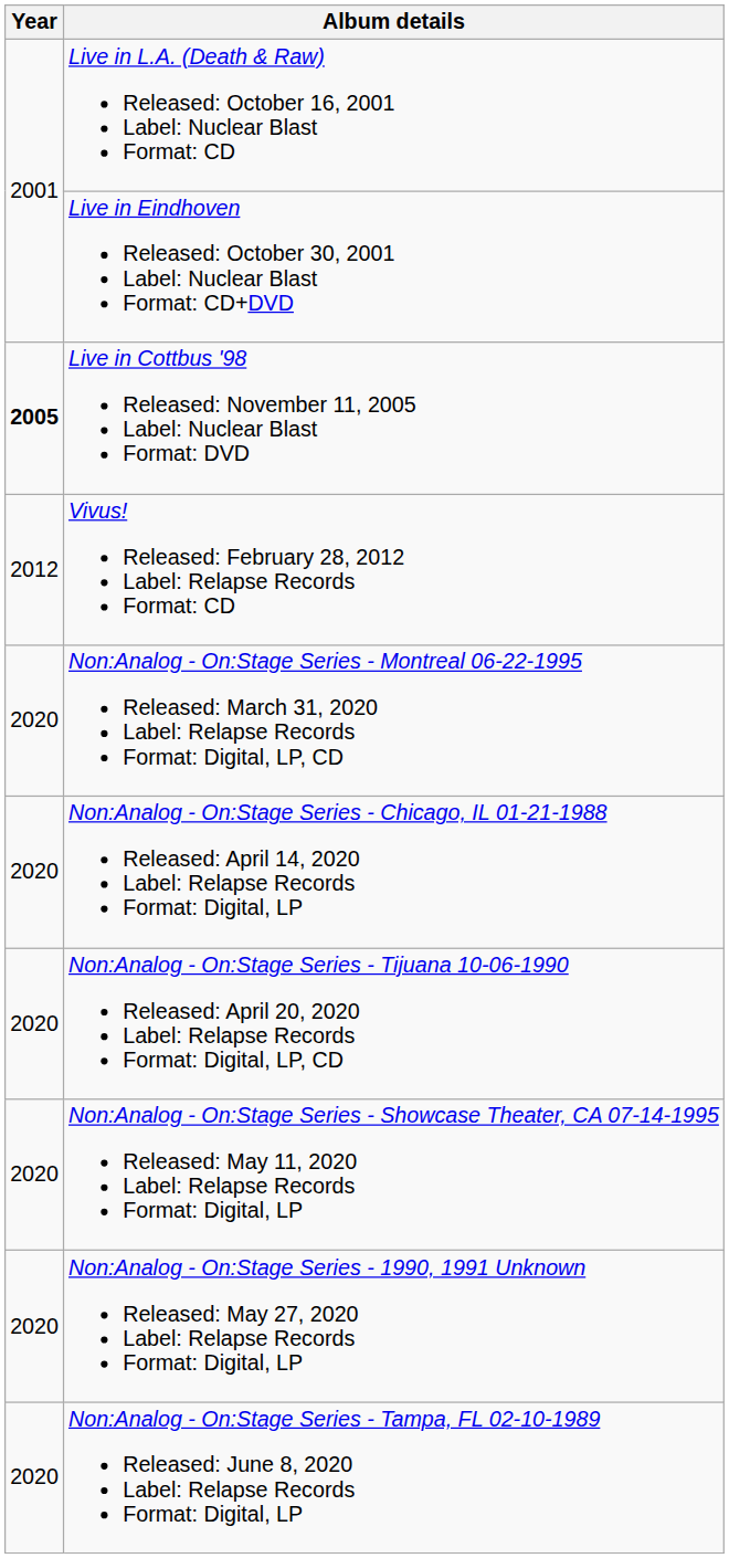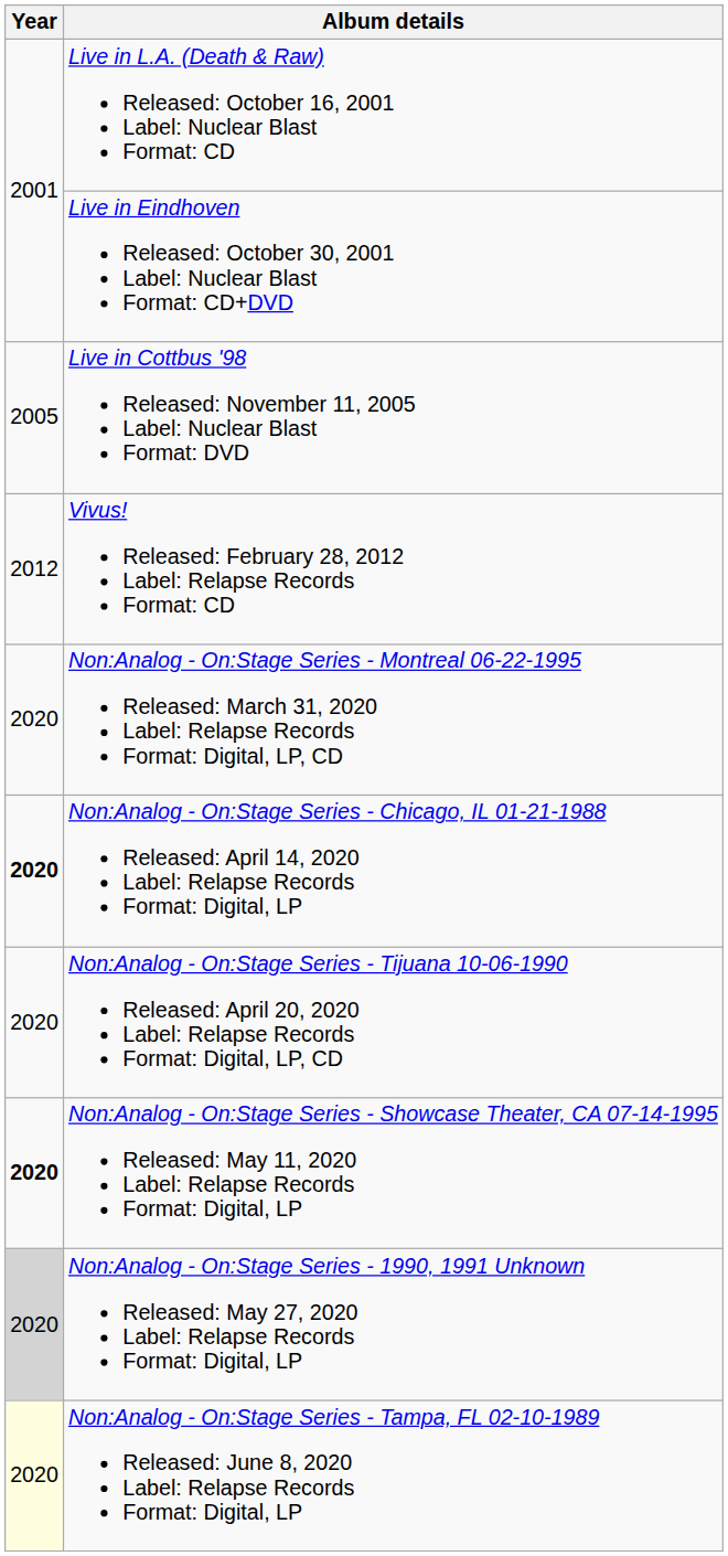 <table class="wikitable">
 <tr>
 <th>Year</th>
 <th>Album details</th>
 </tr>
 <tr>
 <td align="center" rowspan="2">2001</td>
 <td style="text-align:left;"><em><a href='#'>Live in L.A. (Death & Raw)</a></em><br><ul><li>Released: October 16, 2001</li><li>Label: Nuclear Blast</li><li>Format: CD</li></ul></td>
 </tr>
 <tr>
 <td style="text-align:left;"><em><a href='#'>Live in Eindhoven</a></em><br><ul><li>Released: October 30, 2001</li><li>Label: Nuclear Blast</li><li>Format: CD+<a href='#'>DVD</a></li></ul></td>
 </tr>
 <tr>
-<td style="text-align:center;"><strong>2005</strong></td>
+<td style="text-align:center;">2005</td>
 <td style="text-align:left;"><em><a href='#'>Live in Cottbus '98</a></em><br><ul><li>Released: November 11, 2005</li><li>Label: Nuclear Blast</li><li>Format: DVD</li></ul></td>
 </tr>
 <tr>
 <td style="text-align:center;">2012</td>
 <td style="text-align:left;"><em><a href='#'>Vivus!</a></em><br><ul><li>Released: February 28, 2012</li><li>Label: Relapse Records</li><li>Format: CD</li></ul></td>
 </tr>
 <tr>
 <td style="text-align:center;">2020</td>
 <td style="text-align:left;"><em><a href='#'>Non:Analog - On:Stage Series - Montreal 06-22-1995</a></em><br><ul><li>Released: March 31, 2020</li><li>Label: Relapse Records</li><li>Format: Digital, LP, CD</li></ul></td>
 </tr>
 <tr>
-<td style="text-align:center;">2020</td>
+<td style="text-align:center;"><strong>2020</strong></td>
 <td style="text-align:left;"><em><a href='#'>Non:Analog - On:Stage Series - Chicago, IL 01-21-1988</a></em><br><ul><li>Released: April 14, 2020</li><li>Label: Relapse Records</li><li>Format: Digital, LP</li></ul></td>
 </tr>
 <tr>
 <td style="text-align:center;">2020</td>
 <td style="text-align:left;"><em><a href='#'>Non:Analog - On:Stage Series - Tijuana 10-06-1990</a></em><br><ul><li>Released: April 20, 2020</li><li>Label: Relapse Records</li><li>Format: Digital, LP, CD</li></ul></td>
 </tr>
 <tr>
-<td style="text-align:center;">2020</td>
+<td style="text-align:center;"><strong>2020</strong></td>
 <td style="text-align:left;"><em><a href='#'>Non:Analog - On:Stage Series - Showcase Theater, CA 07-14-1995</a></em><br><ul><li>Released: May 11, 2020</li><li>Label: Relapse Records</li><li>Format: Digital, LP</li></ul></td>
 </tr>
 <tr>
-<td style="text-align:center;">2020</td>
+<td style="background: lightgrey; text-align:center;">2020</td>
 <td style="text-align:left;"><em><a href='#'>Non:Analog - On:Stage Series - 1990, 1991 Unknown</a></em><br><ul><li>Released: May 27, 2020</li><li>Label: Relapse Records</li><li>Format: Digital, LP</li></ul></td>
 </tr>
 <tr>
-<td style="text-align:center;">2020</td>
+<td style="background: lightyellow; text-align:center;">2020</td>
 <td style="text-align:left;"><em><a href='#'>Non:Analog - On:Stage Series - Tampa, FL 02-10-1989</a></em><br><ul><li>Released: June 8, 2020</li><li>Label: Relapse Records</li><li>Format: Digital, LP</li></ul></td>
 </tr>
 </table>
